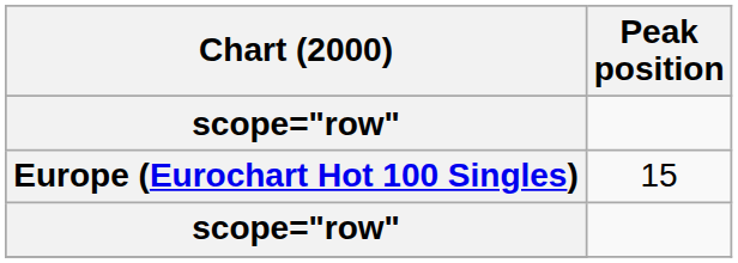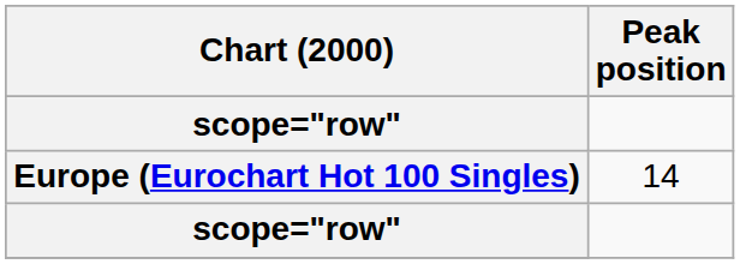 <table class="wikitable sortable plainrowheaders">
 <tr>
 <th>Chart (2000)</th>
 <th>Peak <br>position</th>
 </tr>
 <tr>
 <th>scope="row"</th>
 </tr>
 <tr>
 <th scope="row">Europe (<a href='#'>Eurochart Hot 100 Singles</a>)</th>
-<td align="center">15</td>
+<td align="center">14</td>
 </tr>
 <tr>
 <th>scope="row"</th>
 </tr>
 <tr>
 </tr>
 </table>
